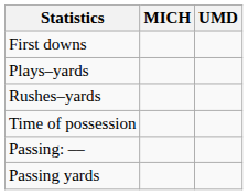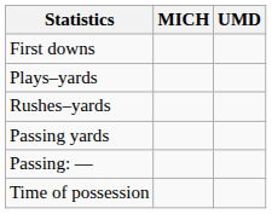 <table class="wikitable" style="float:left">
 <tr>
 <th>Statistics</th>
 <th>MICH</th>
 <th>UMD</th>
 </tr>
 <tr>
 <td>First downs</td>
 <td></td>
 <td></td>
 </tr>
 <tr>
 <td>Plays–yards</td>
 <td></td>
 <td></td>
 </tr>
 <tr>
 <td>Rushes–yards</td>
 <td></td>
 <td></td>
 </tr>
 <tr>
-<td>Time of possession</td>
+<td>Passing yards</td>
 <td></td>
 <td></td>
 </tr>
 <tr>
 <td>Passing: ––</td>
 <td></td>
 <td></td>
 </tr>
 <tr>
-<td>Passing yards</td>
+<td>Time of possession</td>
 <td></td>
 <td></td>
 </tr>
 </table>
